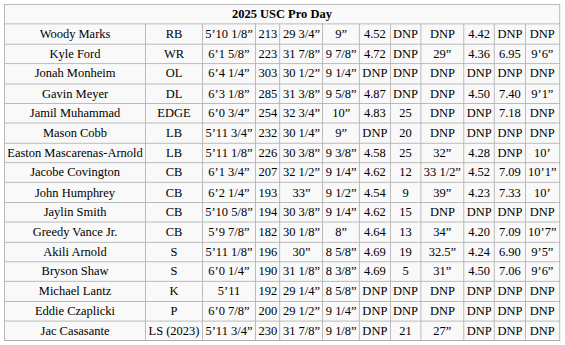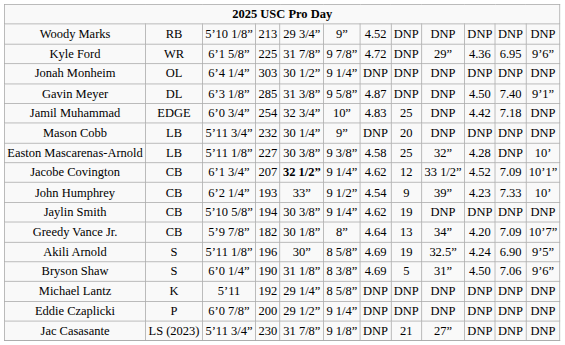 <table class="wikitable sortable" style="text-align:center" "width:75%;">
 <tr>
 <td colspan="14" style="font-weight:bold; ">2025 USC Pro Day<br></td>
 </tr>
 <tr>
 <td>Woody Marks</td>
 <td>RB</td>
 <td>5’10 1/8”</td>
 <td>213</td>
 <td>29 3/4”</td>
 <td>9”</td>
 <td>4.52</td>
 <td>DNP</td>
 <td>DNP</td>
-<td>4.42</td>
+<td>DNP</td>
 <td>DNP</td>
 <td>DNP</td>
 </tr>
 <tr>
 <td>Kyle Ford</td>
 <td>WR</td>
 <td>6’1 5/8”</td>
-<td>223</td>
+<td>225</td>
 <td>31 7/8”</td>
 <td>9 7/8”</td>
 <td>4.72</td>
 <td>DNP</td>
 <td>29”</td>
 <td>4.36</td>
 <td>6.95</td>
 <td>9’6”</td>
 </tr>
 <tr>
 <td>Jonah Monheim</td>
 <td>OL</td>
 <td>6’4 1/4”</td>
 <td>303</td>
 <td>30 1/2”</td>
 <td>9 1/4”</td>
 <td>DNP</td>
 <td>DNP</td>
 <td>DNP</td>
 <td>DNP</td>
 <td>DNP</td>
 <td>DNP</td>
 </tr>
 <tr>
 <td>Gavin Meyer</td>
 <td>DL</td>
 <td>6’3 1/8”</td>
 <td>285</td>
 <td>31 3/8”</td>
 <td>9 5/8”</td>
 <td>4.87</td>
 <td>DNP</td>
 <td>DNP</td>
 <td>4.50</td>
 <td>7.40</td>
 <td>9’1”</td>
 </tr>
 <tr>
 <td>Jamil Muhammad</td>
 <td>EDGE</td>
 <td>6’0 3/4”</td>
 <td>254</td>
 <td>32 3/4”</td>
 <td>10”</td>
 <td>4.83</td>
 <td>25</td>
 <td>DNP</td>
-<td>DNP</td>
+<td>4.42</td>
 <td>7.18</td>
 <td>DNP</td>
 </tr>
 <tr>
 <td>Mason Cobb</td>
 <td>LB</td>
 <td>5’11 3/4”</td>
 <td>232</td>
 <td>30 1/4”</td>
 <td>9”</td>
 <td>DNP</td>
 <td>20</td>
 <td>DNP</td>
 <td>DNP</td>
 <td>DNP</td>
 <td>DNP</td>
 </tr>
 <tr>
 <td>Easton Mascarenas-Arnold</td>
 <td>LB</td>
 <td>5’11 1/8”</td>
-<td>226</td>
+<td>227</td>
 <td>30 3/8”</td>
 <td>9 3/8”</td>
 <td>4.58</td>
 <td>25</td>
 <td>32”</td>
 <td>4.28</td>
 <td>DNP</td>
 <td>10’</td>
 </tr>
 <tr>
 <td>Jacobe Covington</td>
 <td>CB</td>
 <td>6’1 3/4”</td>
 <td>207</td>
-<td>32 1/2”</td>
+<td><strong>32 1/2”</strong></td>
 <td>9 1/4”</td>
 <td>4.62</td>
 <td>12</td>
 <td>33 1/2”</td>
 <td>4.52</td>
 <td>7.09</td>
 <td>10’1”</td>
 </tr>
 <tr>
 <td>John Humphrey</td>
 <td>CB</td>
 <td>6’2 1/4”</td>
 <td>193</td>
 <td>33”</td>
 <td>9 1/2”</td>
 <td>4.54</td>
 <td>9</td>
 <td>39”</td>
 <td>4.23</td>
 <td>7.33</td>
 <td>10’</td>
 </tr>
 <tr>
 <td>Jaylin Smith</td>
 <td>CB</td>
 <td>5’10 5/8”</td>
 <td>194</td>
 <td>30 3/8”</td>
 <td>9 1/4”</td>
 <td>4.62</td>
-<td>15</td>
+<td>19</td>
 <td>DNP</td>
 <td>DNP</td>
 <td>DNP</td>
 <td>DNP</td>
 </tr>
 <tr>
 <td>Greedy Vance Jr.</td>
 <td>CB</td>
 <td>5’9 7/8”</td>
 <td>182</td>
 <td>30 1/8”</td>
 <td>8”</td>
 <td>4.64</td>
 <td>13</td>
 <td>34”</td>
 <td>4.20</td>
 <td>7.09</td>
 <td>10’7”</td>
 </tr>
 <tr>
 <td>Akili Arnold</td>
 <td>S</td>
 <td>5’11 1/8”</td>
 <td>196</td>
 <td>30”</td>
 <td>8 5/8”</td>
 <td>4.69</td>
 <td>19</td>
 <td>32.5”</td>
 <td>4.24</td>
 <td>6.90</td>
 <td>9’5”</td>
 </tr>
 <tr>
 <td>Bryson Shaw</td>
 <td>S</td>
 <td>6’0 1/4”</td>
 <td>190</td>
 <td>31 1/8”</td>
 <td>8 3/8”</td>
 <td>4.69</td>
 <td>5</td>
 <td>31”</td>
 <td>4.50</td>
 <td>7.06</td>
 <td>9’6”</td>
 </tr>
 <tr>
 <td>Michael Lantz</td>
 <td>K</td>
 <td>5’11</td>
 <td>192</td>
 <td>29 1/4”</td>
 <td>8 5/8”</td>
 <td>DNP</td>
 <td>DNP</td>
 <td>DNP</td>
 <td>DNP</td>
 <td>DNP</td>
 <td>DNP</td>
 </tr>
 <tr>
 <td>Eddie Czaplicki</td>
 <td>P</td>
 <td>6’0 7/8”</td>
 <td>200</td>
 <td>29 1/2”</td>
 <td>9 1/4”</td>
 <td>DNP</td>
 <td>DNP</td>
 <td>DNP</td>
 <td>DNP</td>
 <td>DNP</td>
 <td>DNP</td>
 </tr>
 <tr>
 <td>Jac Casasante</td>
 <td>LS (2023)</td>
 <td>5’11 3/4”</td>
 <td>230</td>
 <td>31 7/8”</td>
 <td>9 1/8”</td>
 <td>DNP</td>
 <td>21</td>
 <td>27”</td>
 <td>DNP</td>
 <td>DNP</td>
 <td>DNP</td>
 </tr>
 <tr>
 </tr>
 </table>
